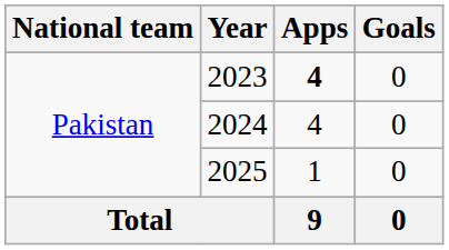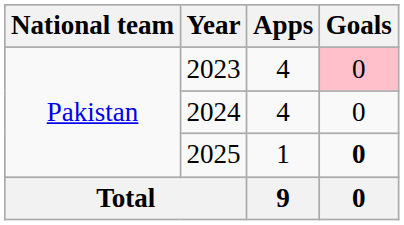 <table class="wikitable" style="text-align:center">
 <tr>
 <th>National team</th>
 <th>Year</th>
 <th>Apps</th>
 <th>Goals</th>
 </tr>
 <tr>
 <td rowspan="3"><a href='#'>Pakistan</a></td>
 <td>2023</td>
-<td><strong>4</strong></td>
-<td>0</td>
+<td>4</td>
+<td style="background: pink;">0</td>
 </tr>
 <tr>
 <td>2024</td>
 <td>4</td>
 <td>0</td>
 </tr>
 <tr>
 <td>2025</td>
 <td>1</td>
-<td>0</td>
+<td><strong>0</strong></td>
 </tr>
 <tr>
 <th colspan="2">Total</th>
 <th>9</th>
 <th>0</th>
 </tr>
 </table>
